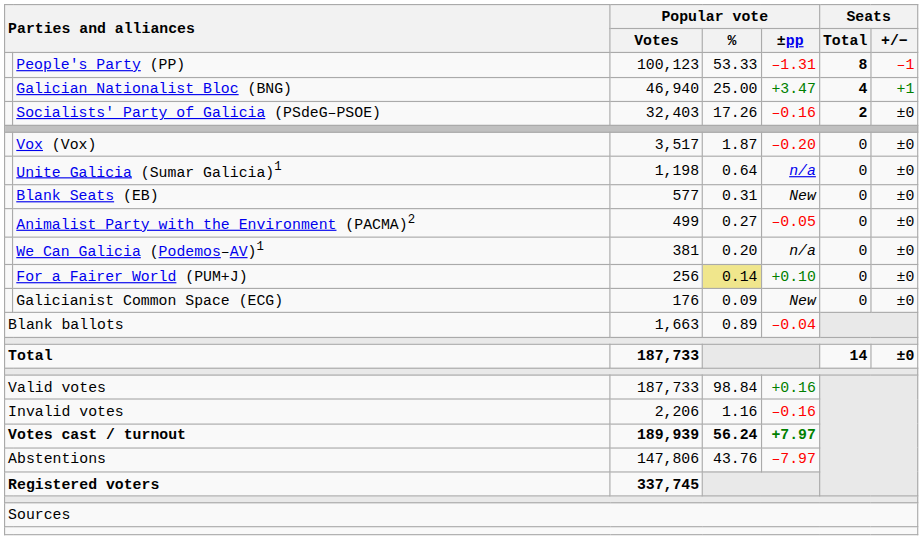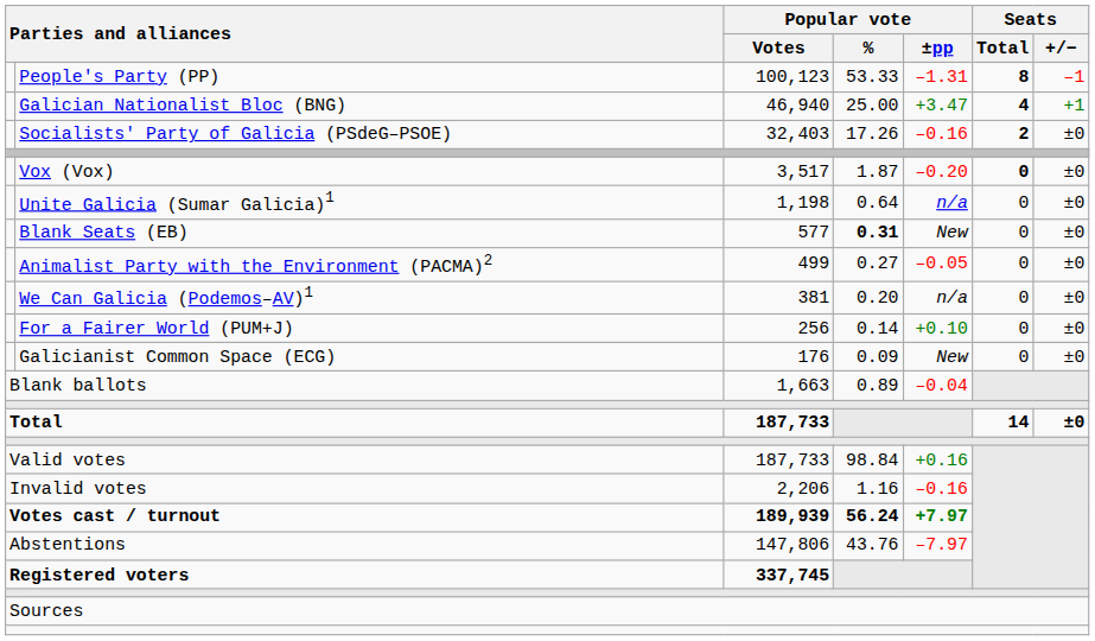 <table class="wikitable" style="text-align:right;">
 <tr>
 <th style="text-align:left;" rowspan="2" colspan="2" width="525">Parties and alliances</th>
 <th colspan="3">Popular vote</th>
 <th colspan="2">Seats</th>
 </tr>
 <tr>
 <th width="75">Votes</th>
 <th width="45">%</th>
 <th width="45">±<a href='#'>pp</a></th>
 <th width="35">Total</th>
 <th width="35">+/−</th>
 </tr>
 <tr>
 <td width="1" style="color:inherit;background:"></td>
 <td align="left"><a href='#'>People's Party</a> (PP)</td>
 <td>100,123</td>
 <td>53.33</td>
 <td style="color:red;">–1.31</td>
 <td><strong>8</strong></td>
 <td style="color:red;">–1</td>
 </tr>
 <tr>
 <td style="color:inherit;background:"></td>
 <td align="left"><a href='#'>Galician Nationalist Bloc</a> (BNG)</td>
 <td>46,940</td>
 <td>25.00</td>
 <td style="color:green;">+3.47</td>
 <td><strong>4</strong></td>
 <td style="color:green;">+1</td>
 </tr>
 <tr>
 <td style="color:inherit;background:"></td>
 <td align="left"><a href='#'>Socialists' Party of Galicia</a> (PSdeG–PSOE)</td>
 <td>32,403</td>
 <td>17.26</td>
 <td style="color:red;">–0.16</td>
 <td><strong>2</strong></td>
 <td>±0</td>
 </tr>
 <tr>
 <td colspan="7" bgcolor="#C0C0C0"></td>
 </tr>
 <tr>
 <td style="color:inherit;background:"></td>
 <td align="left"><a href='#'>Vox</a> (Vox)</td>
 <td>3,517</td>
 <td>1.87</td>
 <td style="color:red;">–0.20</td>
-<td>0</td>
+<td><strong>0</strong></td>
 <td>±0</td>
 </tr>
 <tr>
 <td style="color:inherit;background:"></td>
 <td align="left"><a href='#'>Unite Galicia</a> (Sumar Galicia)<sup>1</sup></td>
 <td>1,198</td>
 <td>0.64</td>
 <td><em><a href='#'>n/a</a></em></td>
 <td>0</td>
 <td>±0</td>
 </tr>
 <tr>
 <td style="color:inherit;background:"></td>
 <td align="left"><a href='#'>Blank Seats</a> (EB)</td>
 <td>577</td>
-<td>0.31</td>
+<td><strong>0.31</strong></td>
 <td><em>New</em></td>
 <td>0</td>
 <td>±0</td>
 </tr>
 <tr>
 <td style="color:inherit;background:"></td>
 <td align="left"><a href='#'>Animalist Party with the Environment</a> (PACMA)<sup>2</sup></td>
 <td>499</td>
 <td>0.27</td>
 <td style="color:red;">–0.05</td>
 <td>0</td>
 <td>±0</td>
 </tr>
 <tr>
 <td style="color:inherit;background:"></td>
 <td align="left"><a href='#'>We Can Galicia</a> (<a href='#'>Podemos</a>–<a href='#'>AV</a>)<sup>1</sup></td>
 <td>381</td>
 <td>0.20</td>
 <td><em>n/a</em></td>
 <td>0</td>
 <td>±0</td>
 </tr>
 <tr>
 <td style="color:inherit;background:"></td>
 <td align="left"><a href='#'>For a Fairer World</a> (PUM+J)</td>
 <td>256</td>
-<td style="background: khaki;">0.14</td>
+<td>0.14</td>
 <td style="color:green;">+0.10</td>
 <td>0</td>
 <td>±0</td>
 </tr>
 <tr>
 <td style="color:inherit;background:"></td>
 <td align="left">Galicianist Common Space (ECG)</td>
 <td>176</td>
 <td>0.09</td>
 <td><em>New</em></td>
 <td>0</td>
 <td>±0</td>
 </tr>
 <tr>
 <td align="left" colspan="2">Blank ballots</td>
 <td>1,663</td>
 <td>0.89</td>
 <td style="color:red;">–0.04</td>
 <td bgcolor="#E9E9E9" colspan="2"></td>
 </tr>
 <tr>
 <td colspan="7" bgcolor="#E9E9E9"></td>
 </tr>
 <tr style="font-weight:bold;">
 <td align="left" colspan="2">Total</td>
 <td>187,733</td>
 <td bgcolor="#E9E9E9" colspan="2"></td>
 <td>14</td>
 <td>±0</td>
 </tr>
 <tr>
 <td colspan="7" bgcolor="#E9E9E9"></td>
 </tr>
 <tr>
 <td align="left" colspan="2">Valid votes</td>
 <td>187,733</td>
 <td>98.84</td>
 <td style="color:green;">+0.16</td>
 <td bgcolor="#E9E9E9" colspan="2" rowspan="5"></td>
 </tr>
 <tr>
 <td align="left" colspan="2">Invalid votes</td>
 <td>2,206</td>
 <td>1.16</td>
 <td style="color:red;">–0.16</td>
 </tr>
 <tr style="font-weight:bold;">
 <td align="left" colspan="2">Votes cast / turnout</td>
 <td>189,939</td>
 <td>56.24</td>
 <td style="color:green;">+7.97</td>
 </tr>
 <tr>
 <td align="left" colspan="2">Abstentions</td>
 <td>147,806</td>
 <td>43.76</td>
 <td style="color:red;">–7.97</td>
 </tr>
 <tr style="font-weight:bold;">
 <td align="left" colspan="2">Registered voters</td>
 <td>337,745</td>
 <td bgcolor="#E9E9E9" colspan="2"></td>
 </tr>
 <tr>
 <td colspan="7" bgcolor="#E9E9E9"></td>
 </tr>
 <tr>
 <td align="left" colspan="7">Sources</td>
 </tr>
 <tr>
 <td colspan="7" style="text-align:left; max-width:790px;"></td>
 </tr>
 </table>
